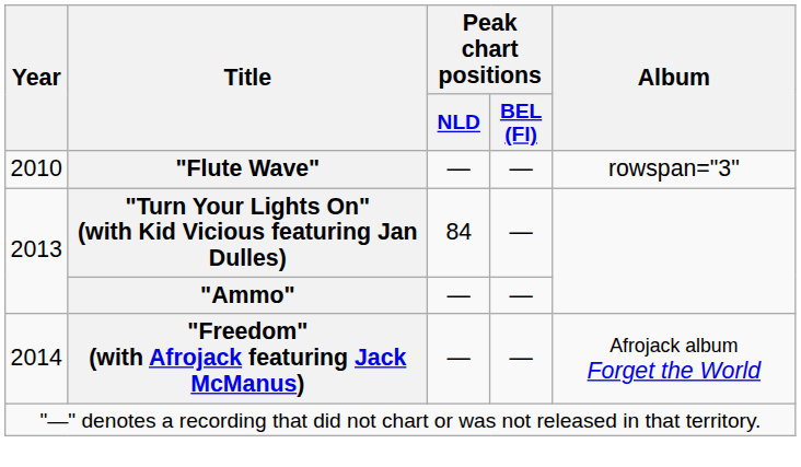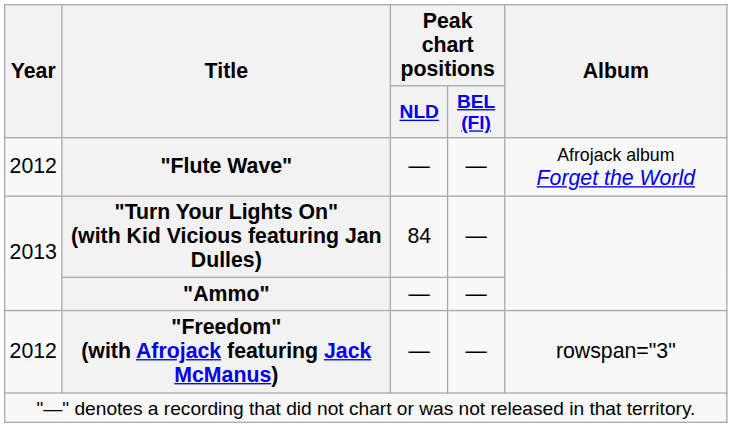 <table class="wikitable plainrowheaders" style="text-align:center;">
 <tr>
 <th scope="col" rowspan="2" style="width:1em;">Year</th>
 <th scope="col" rowspan="2" style="width:15em;">Title</th>
 <th scope="col" colspan="2">Peak chart positions</th>
 <th scope="col" rowspan="2" style="width:10em;">Album</th>
 </tr>
 <tr>
 <th scope="col" style="width:2.5em;font-size:90%;"><a href='#'>NLD</a><br></th>
 <th scope="col" style="width:2.5em;font-size:90%;"><a href='#'>BEL (Fl)</a><br></th>
 </tr>
 <tr>
-<td>2010</td>
+<td>2012</td>
 <th scope="row">"Flute Wave"</th>
 <td>—</td>
 <td>—</td>
-<td>rowspan="3" </td>
+<td><small>Afrojack album</small><br><em><a href='#'>Forget the World</a></em></td>
 </tr>
 <tr>
 <td rowspan="2">2013</td>
 <th scope="row">"Turn Your Lights On" <br><span>(with Kid Vicious featuring Jan Dulles)</span></th>
 <td>84</td>
 <td>—</td>
 </tr>
 <tr>
 <th scope="row">"Ammo"</th>
 <td>—</td>
 <td>—</td>
 </tr>
 <tr>
-<td>2014</td>
+<td>2012</td>
 <th scope="row">"Freedom" <br><span>(with <a href='#'>Afrojack</a> featuring <a href='#'>Jack McManus</a>)</span></th>
 <td>—</td>
 <td>—</td>
-<td><small>Afrojack album</small><br><em><a href='#'>Forget the World</a></em></td>
+<td>rowspan="3" </td>
 </tr>
 <tr>
 <td colspan="16" style="font-size:90%">"—" denotes a recording that did not chart or was not released in that territory.</td>
 </tr>
 </table>
